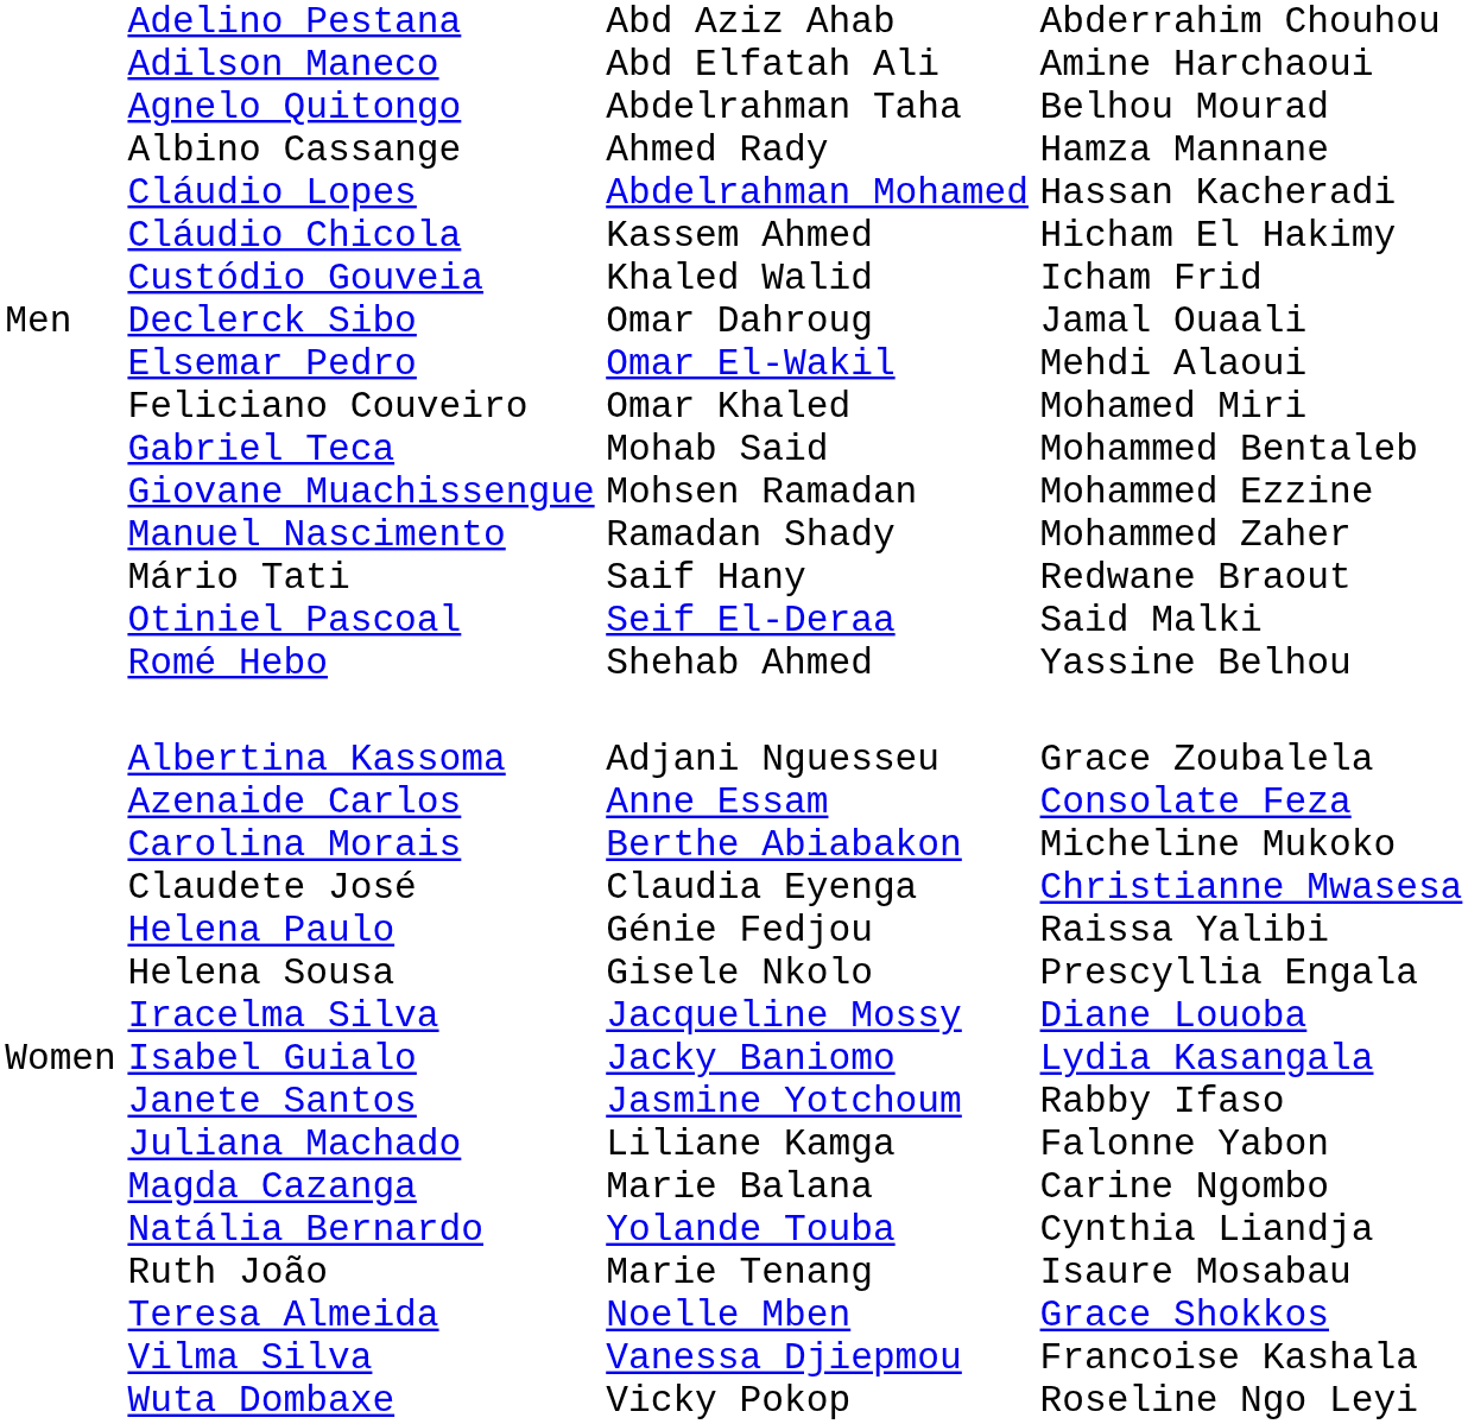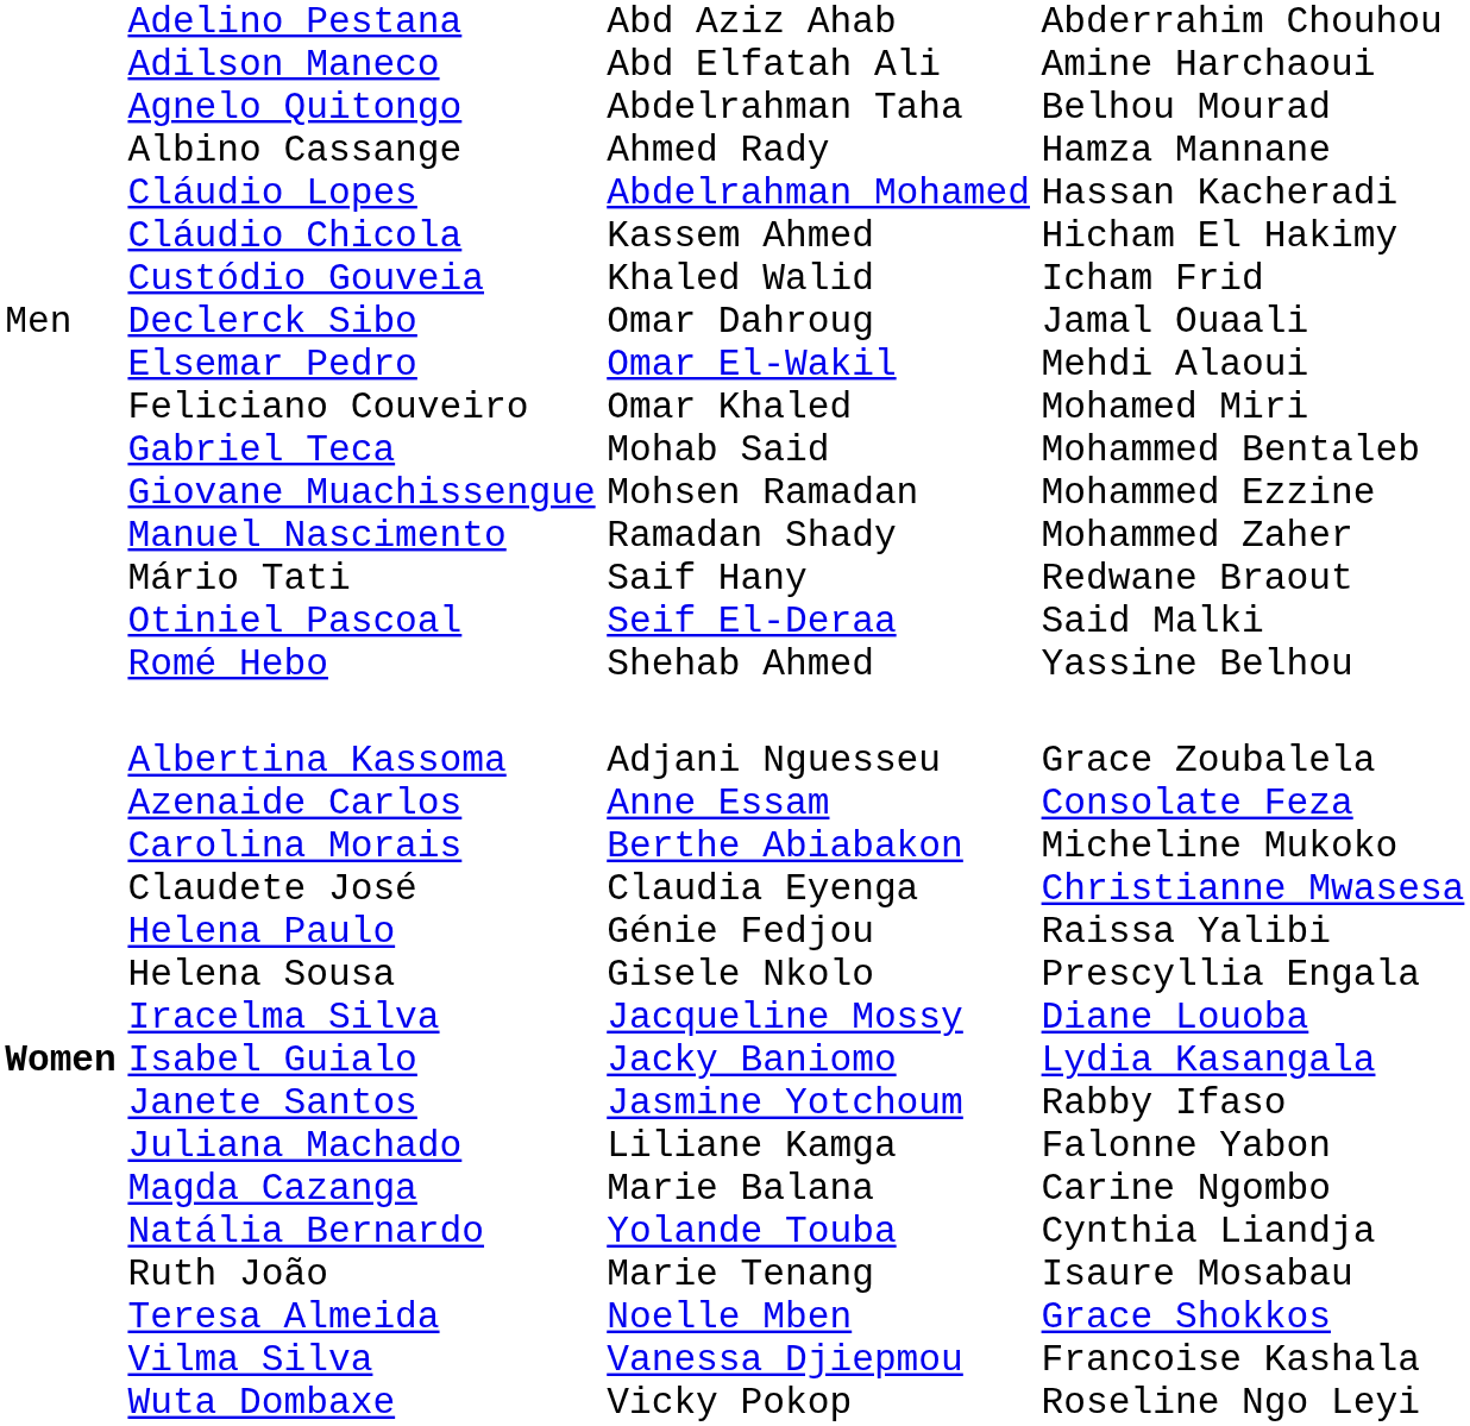 <table>
 <tr>
 <td>Men<br></td>
 <td><br><a href='#'>Adelino Pestana</a><br><a href='#'>Adilson Maneco</a><br><a href='#'>Agnelo Quitongo</a><br>Albino Cassange<br><a href='#'>Cláudio Lopes</a><br><a href='#'>Cláudio Chicola</a><br><a href='#'>Custódio Gouveia</a><br><a href='#'>Declerck Sibo</a><br><a href='#'>Elsemar Pedro</a><br>Feliciano Couveiro<br><a href='#'>Gabriel Teca</a><br><a href='#'>Giovane Muachissengue</a><br><a href='#'>Manuel Nascimento</a><br>Mário Tati<br><a href='#'>Otiniel Pascoal</a><br><a href='#'>Romé Hebo</a></td>
 <td><br>Abd Aziz Ahab<br>Abd Elfatah Ali<br>Abdelrahman Taha<br>Ahmed Rady<br><a href='#'>Abdelrahman Mohamed</a><br>Kassem Ahmed<br>Khaled Walid<br>Omar Dahroug<br><a href='#'>Omar El-Wakil</a><br>Omar Khaled<br>Mohab Said<br>Mohsen Ramadan<br>Ramadan Shady<br>Saif Hany<br><a href='#'>Seif El-Deraa</a><br>Shehab Ahmed</td>
 <td><br>Abderrahim Chouhou<br>Amine Harchaoui<br>Belhou Mourad<br>Hamza Mannane<br>Hassan Kacheradi<br>Hicham El Hakimy<br>Icham Frid<br>Jamal Ouaali<br>Mehdi Alaoui<br>Mohamed Miri<br>Mohammed Bentaleb<br>Mohammed Ezzine<br>Mohammed Zaher<br>Redwane Braout<br>Said Malki<br>Yassine Belhou</td>
 </tr>
 <tr>
-<td>Women<br></td>
+<td><strong>Women<br></strong></td>
 <td><br><a href='#'>Albertina Kassoma</a><br><a href='#'>Azenaide Carlos</a><br><a href='#'>Carolina Morais</a><br>Claudete José<br><a href='#'>Helena Paulo</a><br>Helena Sousa<br><a href='#'>Iracelma Silva</a><br><a href='#'>Isabel Guialo</a><br><a href='#'>Janete Santos</a><br><a href='#'>Juliana Machado</a><br><a href='#'>Magda Cazanga</a><br><a href='#'>Natália Bernardo</a><br>Ruth João<br><a href='#'>Teresa Almeida</a><br><a href='#'>Vilma Silva</a><br><a href='#'>Wuta Dombaxe</a></td>
 <td><br>Adjani Nguesseu<br><a href='#'>Anne Essam</a><br><a href='#'>Berthe Abiabakon</a><br>Claudia Eyenga<br>Génie Fedjou<br>Gisele Nkolo<br><a href='#'>Jacqueline Mossy</a><br><a href='#'>Jacky Baniomo</a><br><a href='#'>Jasmine Yotchoum</a><br>Liliane Kamga<br>Marie Balana<br><a href='#'>Yolande Touba</a><br>Marie Tenang<br><a href='#'>Noelle Mben</a><br><a href='#'>Vanessa Djiepmou</a><br>Vicky Pokop</td>
 <td><br>Grace Zoubalela<br><a href='#'>Consolate Feza</a><br>Micheline Mukoko<br><a href='#'>Christianne Mwasesa</a><br>Raissa Yalibi<br>Prescyllia Engala<br><a href='#'>Diane Louoba</a><br><a href='#'>Lydia Kasangala</a><br>Rabby Ifaso<br>Falonne Yabon<br>Carine Ngombo<br>Cynthia Liandja<br>Isaure Mosabau<br><a href='#'>Grace Shokkos</a><br>Francoise Kashala<br>Roseline Ngo Leyi</td>
 </tr>
 </table>
